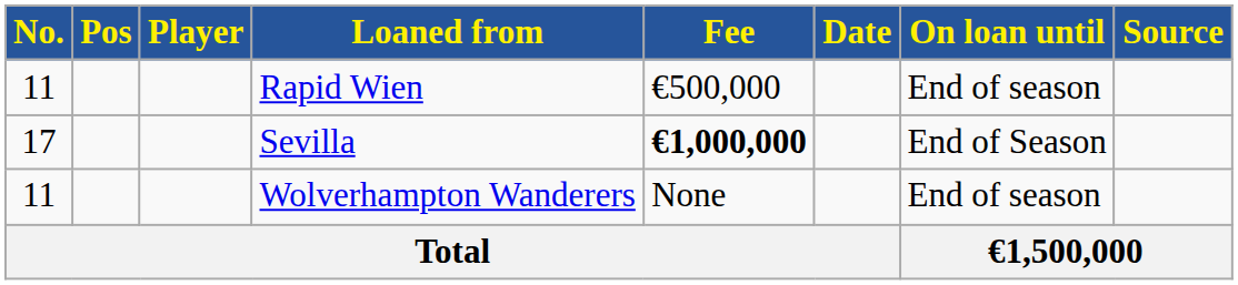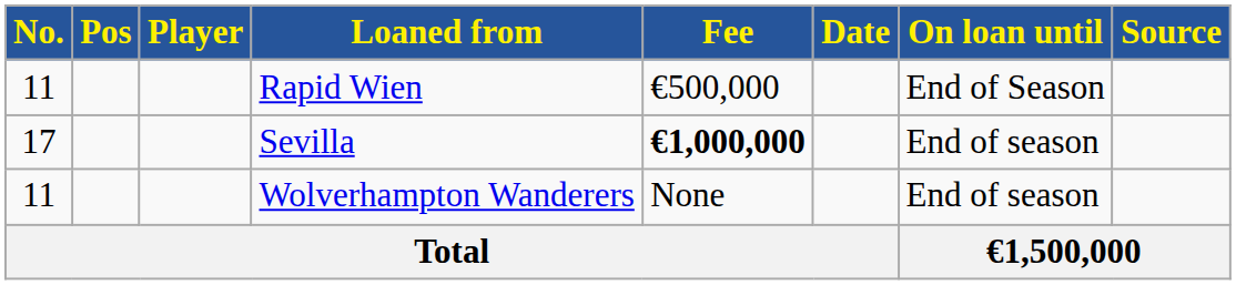 <table class="wikitable plainrowheaders sortable">
 <tr>
 <th style="background:#26559B; color:#FFF000; ">No.</th>
 <th style="background:#26559B; color:#FFF000; ">Pos</th>
 <th style="background:#26559B; color:#FFF000; ">Player</th>
 <th style="background:#26559B; color:#FFF000; ">Loaned from</th>
 <th style="background:#26559B; color:#FFF000; ">Fee</th>
 <th style="background:#26559B; color:#FFF000; ">Date</th>
 <th style="background:#26559B; color:#FFF000; ">On loan until</th>
 <th style="background:#26559B; color:#FFF000; ">Source</th>
 </tr>
 <tr>
 <td align=center>11</td>
 <td align=center></td>
 <td></td>
 <td> <a href='#'>Rapid Wien</a></td>
 <td>€500,000</td>
 <td></td>
-<td>End of season</td>
+<td>End of Season</td>
 <td></td>
 </tr>
 <tr>
 <td align=center>17</td>
 <td align=center></td>
 <td></td>
 <td><a href='#'>Sevilla</a></td>
 <td><strong>€1,000,000</strong></td>
 <td></td>
-<td>End of Season</td>
+<td>End of season</td>
 <td></td>
 </tr>
 <tr>
 <td align=center>11</td>
 <td align=center></td>
 <td></td>
 <td> <a href='#'>Wolverhampton Wanderers</a></td>
 <td>None</td>
 <td></td>
 <td>End of season</td>
 <td></td>
 </tr>
 <tr>
 <th colspan="6">Total</th>
 <th colspan="2">€1,500,000</th>
 </tr>
 </table>
